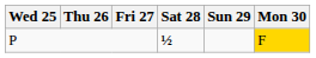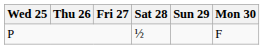 <table class="wikitable olympic-schedule table-tennis">
 <tr>
 <th>Wed 25</th>
 <th>Thu 26</th>
 <th>Fri 27</th>
 <th>Sat 28</th>
 <th>Sun 29</th>
 <th>Mon 30</th>
 </tr>
 <tr>
 <td colspan="3" class="prelims">P</td>
-<td class="semifinals"><strong>½</strong></td>
+<td class="semifinals">½</td>
 <td></td>
-<td class="final" style="background: gold;">F</td>
+<td class="final">F</td>
 </tr>
 </table>
